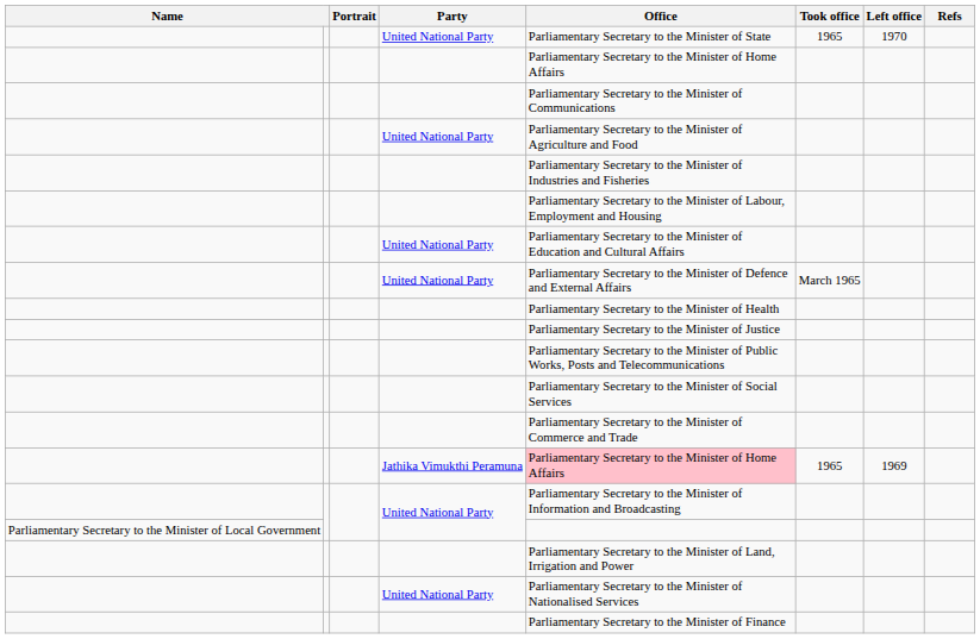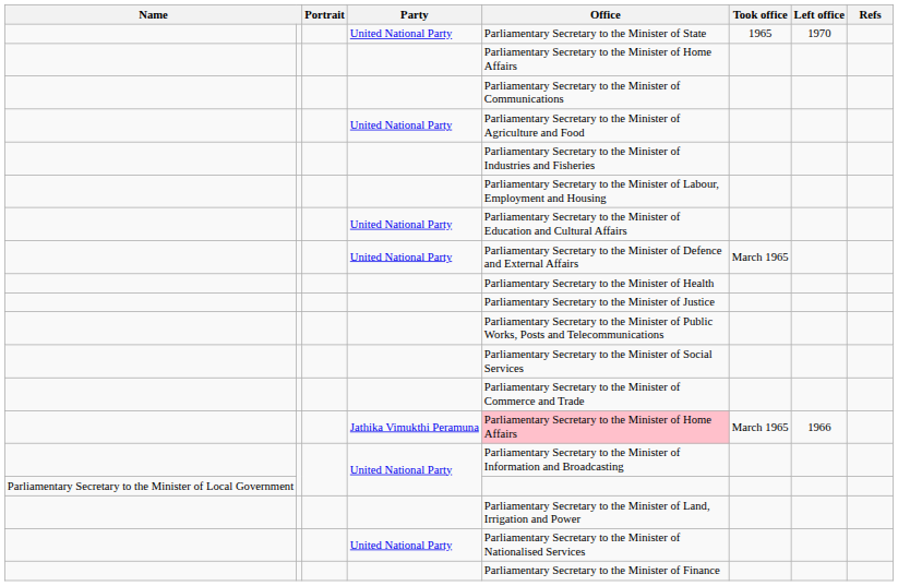 <table class="wikitable plainrowheaders sortable" style="font-size:90%; text-align:left;">
 <tr>
 <th scope=col colspan="2">Name</th>
 <th scope=col class=unsortable>Portrait</th>
 <th scope=col>Party</th>
 <th scope=col width=300px>Office</th>
 <th scope=col>Took office</th>
 <th scope=col>Left office</th>
 <th scope=col width=50px class=unsortable>Refs</th>
 </tr>
 <tr>
 <td !align="center" style="background:"></td>
 <td></td>
 <td align=center></td>
 <td><a href='#'>United National Party</a></td>
 <td>Parliamentary Secretary to the Minister of State</td>
 <td align=center>1965</td>
 <td align=center>1970</td>
 <td align="center"></td>
 </tr>
 <tr>
 <td></td>
 <td></td>
 <td align=center></td>
 <td></td>
 <td>Parliamentary Secretary to the Minister of Home Affairs</td>
 <td></td>
 <td></td>
 <td align=center></td>
 </tr>
 <tr>
 <td></td>
 <td></td>
 <td align=center></td>
 <td></td>
 <td>Parliamentary Secretary to the Minister of Communications</td>
 <td></td>
 <td></td>
 <td align=center></td>
 </tr>
 <tr>
 <td !align="center" style="background:"></td>
 <td></td>
 <td align=center></td>
 <td><a href='#'>United National Party</a></td>
 <td>Parliamentary Secretary to the Minister of Agriculture and Food</td>
 <td></td>
 <td></td>
 <td align=center></td>
 </tr>
 <tr>
 <td></td>
 <td></td>
 <td align=center></td>
 <td></td>
 <td>Parliamentary Secretary to the Minister of Industries and Fisheries</td>
 <td></td>
 <td></td>
 <td align=center></td>
 </tr>
 <tr>
 <td></td>
 <td></td>
 <td align=center></td>
 <td></td>
 <td>Parliamentary Secretary to the Minister of Labour, Employment and Housing</td>
 <td></td>
 <td></td>
 <td align=center></td>
 </tr>
 <tr>
 <td !align="center" style="background:"></td>
 <td></td>
 <td align=center></td>
 <td><a href='#'>United National Party</a></td>
 <td>Parliamentary Secretary to the Minister of Education and Cultural Affairs</td>
 <td></td>
 <td></td>
 <td align=center></td>
 </tr>
 <tr>
 <td !align="center" style="background:"></td>
 <td></td>
 <td align=center></td>
 <td><a href='#'>United National Party</a></td>
 <td>Parliamentary Secretary to the Minister of Defence and External Affairs</td>
 <td align=center>March 1965</td>
 <td></td>
 <td align=center></td>
 </tr>
 <tr>
 <td></td>
 <td></td>
 <td align=center></td>
 <td></td>
 <td>Parliamentary Secretary to the Minister of Health</td>
 <td></td>
 <td></td>
 <td align=center></td>
 </tr>
 <tr>
 <td></td>
 <td></td>
 <td align=center></td>
 <td></td>
 <td>Parliamentary Secretary to the Minister of Justice</td>
 <td></td>
 <td></td>
 <td align=center></td>
 </tr>
 <tr>
 <td></td>
 <td></td>
 <td align=center></td>
 <td></td>
 <td>Parliamentary Secretary to the Minister of Public Works, Posts and Telecommunications</td>
 <td></td>
 <td></td>
 <td align=center></td>
 </tr>
 <tr>
 <td></td>
 <td></td>
 <td align=center></td>
 <td></td>
 <td>Parliamentary Secretary to the Minister of Social Services</td>
 <td></td>
 <td></td>
 <td align=center></td>
 </tr>
 <tr>
 <td></td>
 <td></td>
 <td align=center></td>
 <td></td>
 <td>Parliamentary Secretary to the Minister of Commerce and Trade</td>
 <td></td>
 <td></td>
 <td align=center></td>
 </tr>
 <tr>
 <td !align="center" style="background:"></td>
 <td></td>
 <td align=center></td>
 <td><a href='#'>Jathika Vimukthi Peramuna</a></td>
 <td style="background: pink;">Parliamentary Secretary to the Minister of Home Affairs</td>
-<td align=center>1965</td>
-<td align=center>1969</td>
+<td align=center>March 1965</td>
+<td align=center>1966</td>
 <td></td>
 </tr>
 <tr>
 <td !align="center" style="background:"></td>
 <td rowspan=2></td>
 <td align=center rowspan=2></td>
 <td rowspan=2><a href='#'>United National Party</a></td>
 <td>Parliamentary Secretary to the Minister of Information and Broadcasting</td>
 <td></td>
 <td></td>
 <td align=center></td>
 </tr>
 <tr>
 <td>Parliamentary Secretary to the Minister of Local Government</td>
 <td></td>
 <td></td>
 <td align=center></td>
 </tr>
 <tr>
 <td></td>
 <td></td>
 <td align=center></td>
 <td></td>
 <td>Parliamentary Secretary to the Minister of Land, Irrigation and Power</td>
 <td></td>
 <td></td>
 <td align=center></td>
 </tr>
 <tr>
 <td !align="center" style="background:"></td>
 <td></td>
 <td align=center></td>
 <td><a href='#'>United National Party</a></td>
 <td>Parliamentary Secretary to the Minister of Nationalised Services</td>
 <td></td>
 <td></td>
 <td align=center></td>
 </tr>
 <tr>
 <td></td>
 <td></td>
 <td align=center></td>
 <td></td>
 <td>Parliamentary Secretary to the Minister of Finance</td>
 <td align=center></td>
 <td align=center></td>
 <td align=center></td>
 </tr>
 </table>
